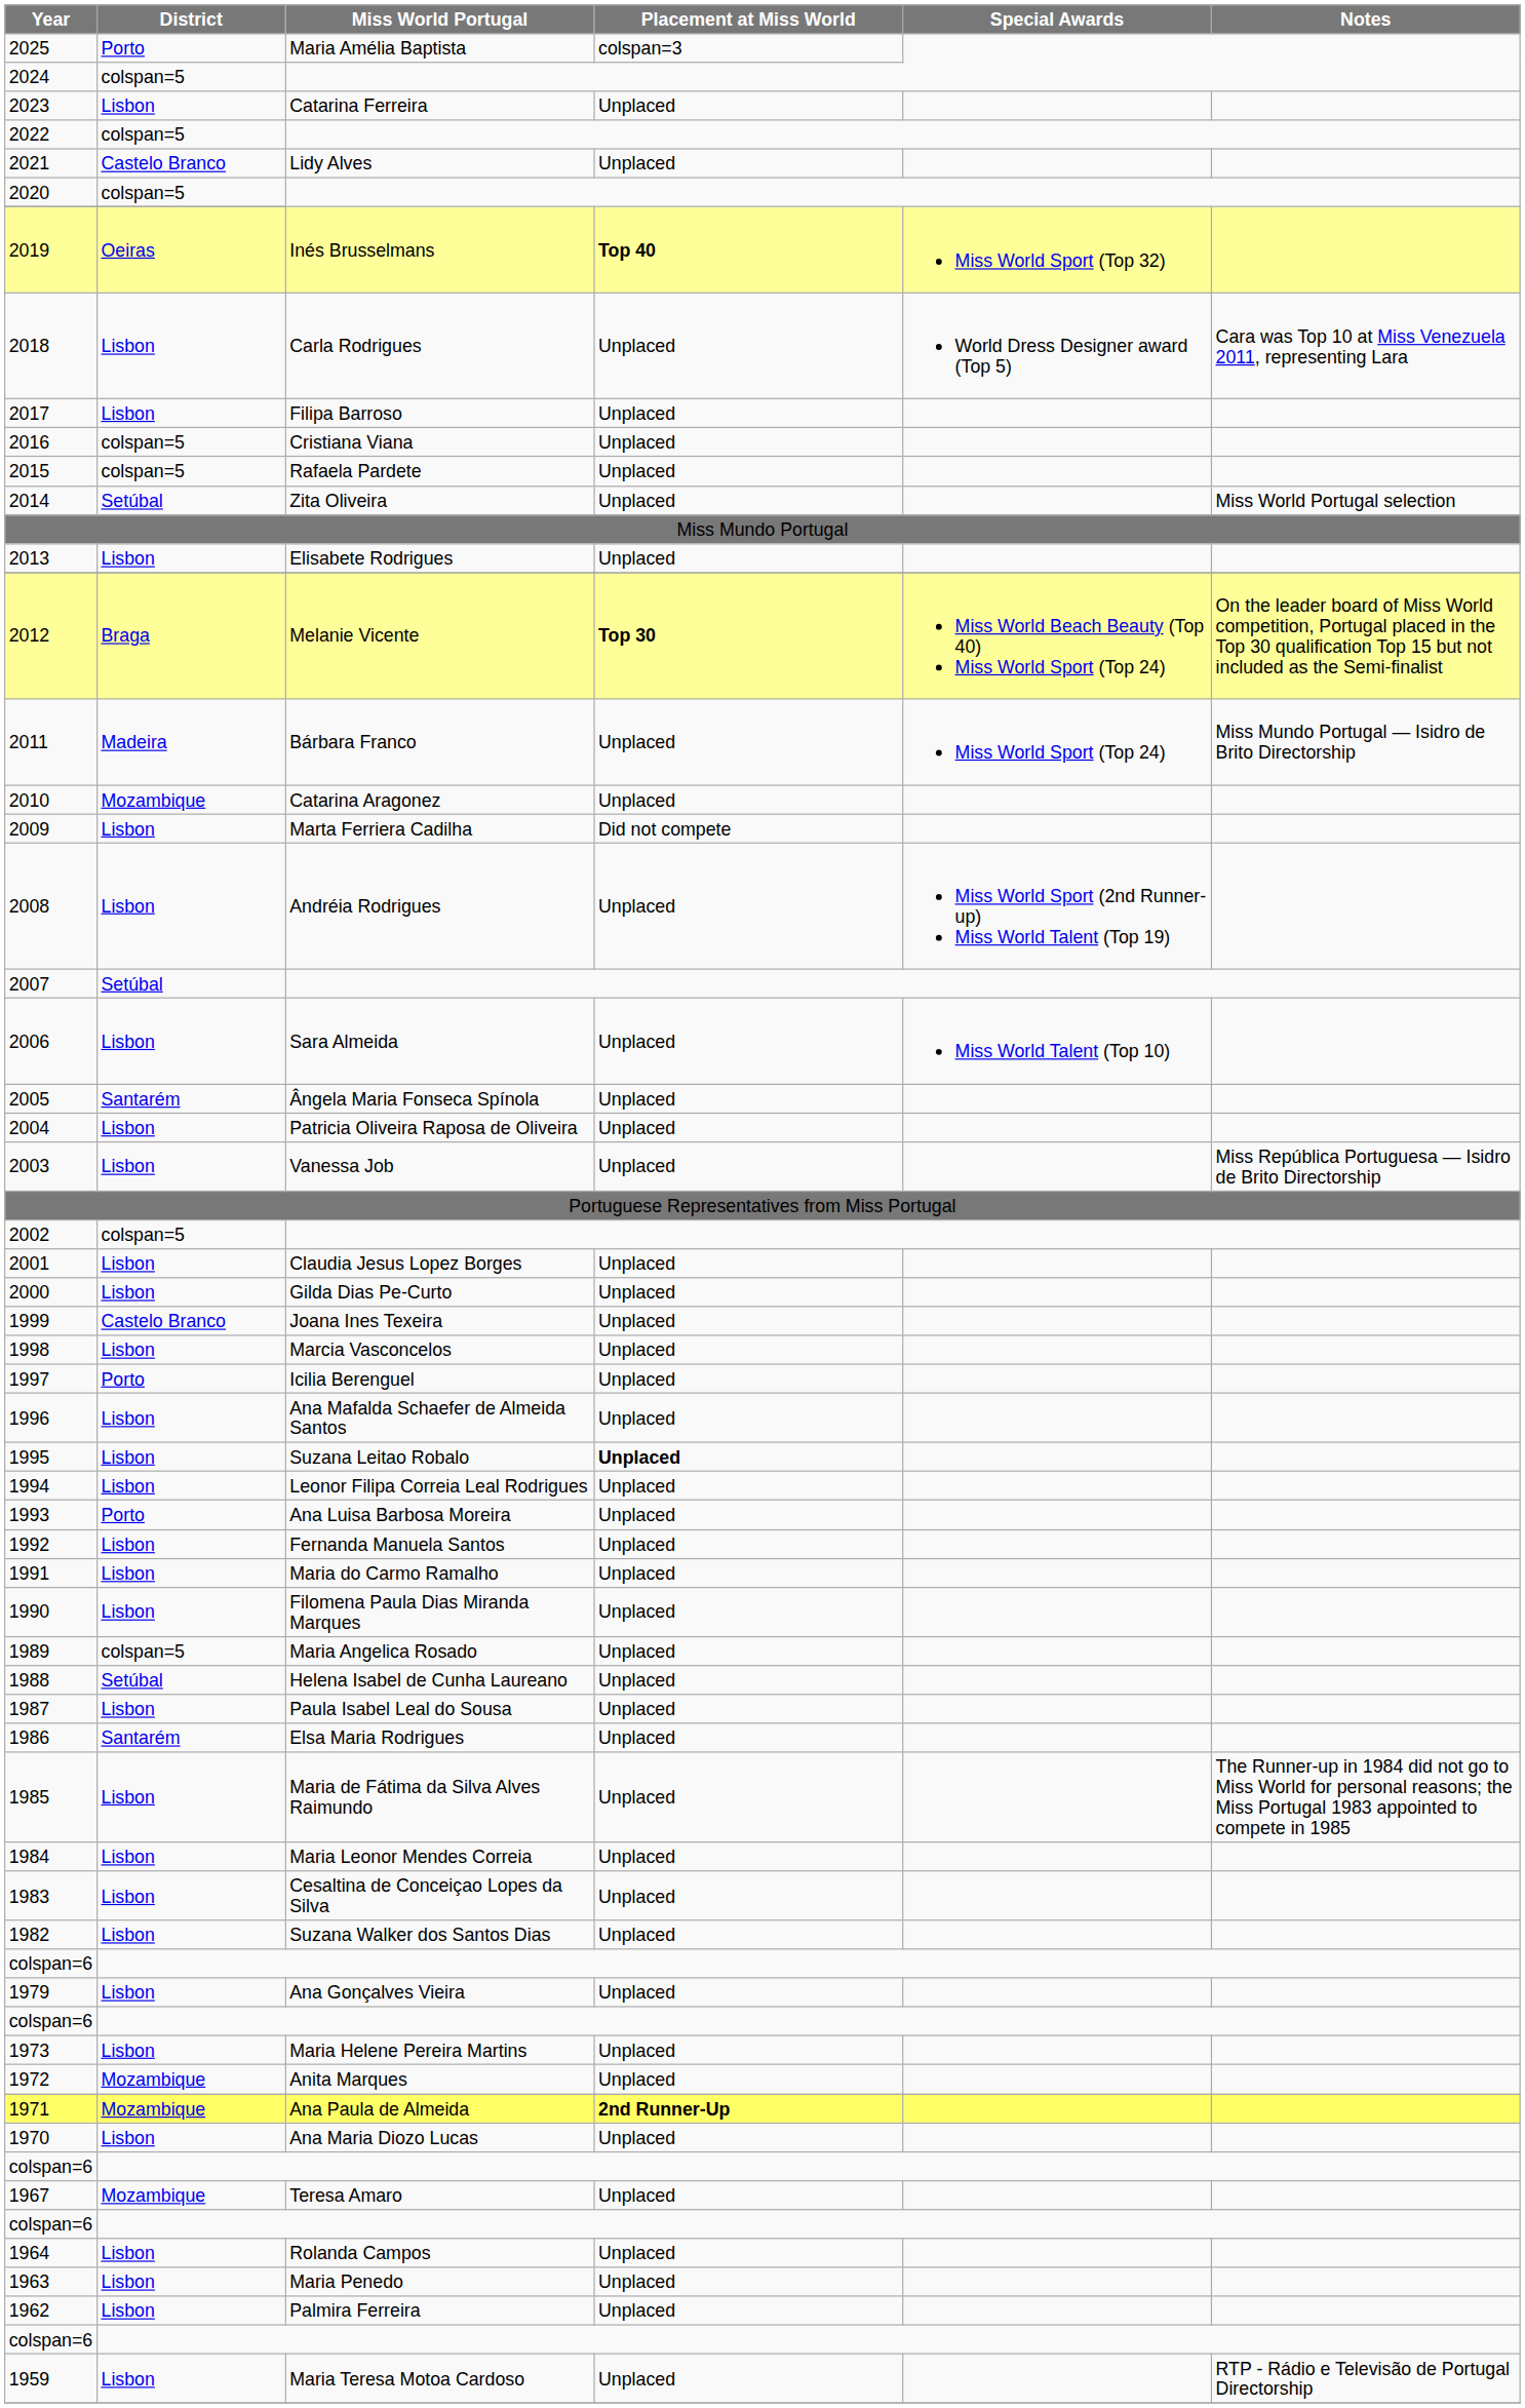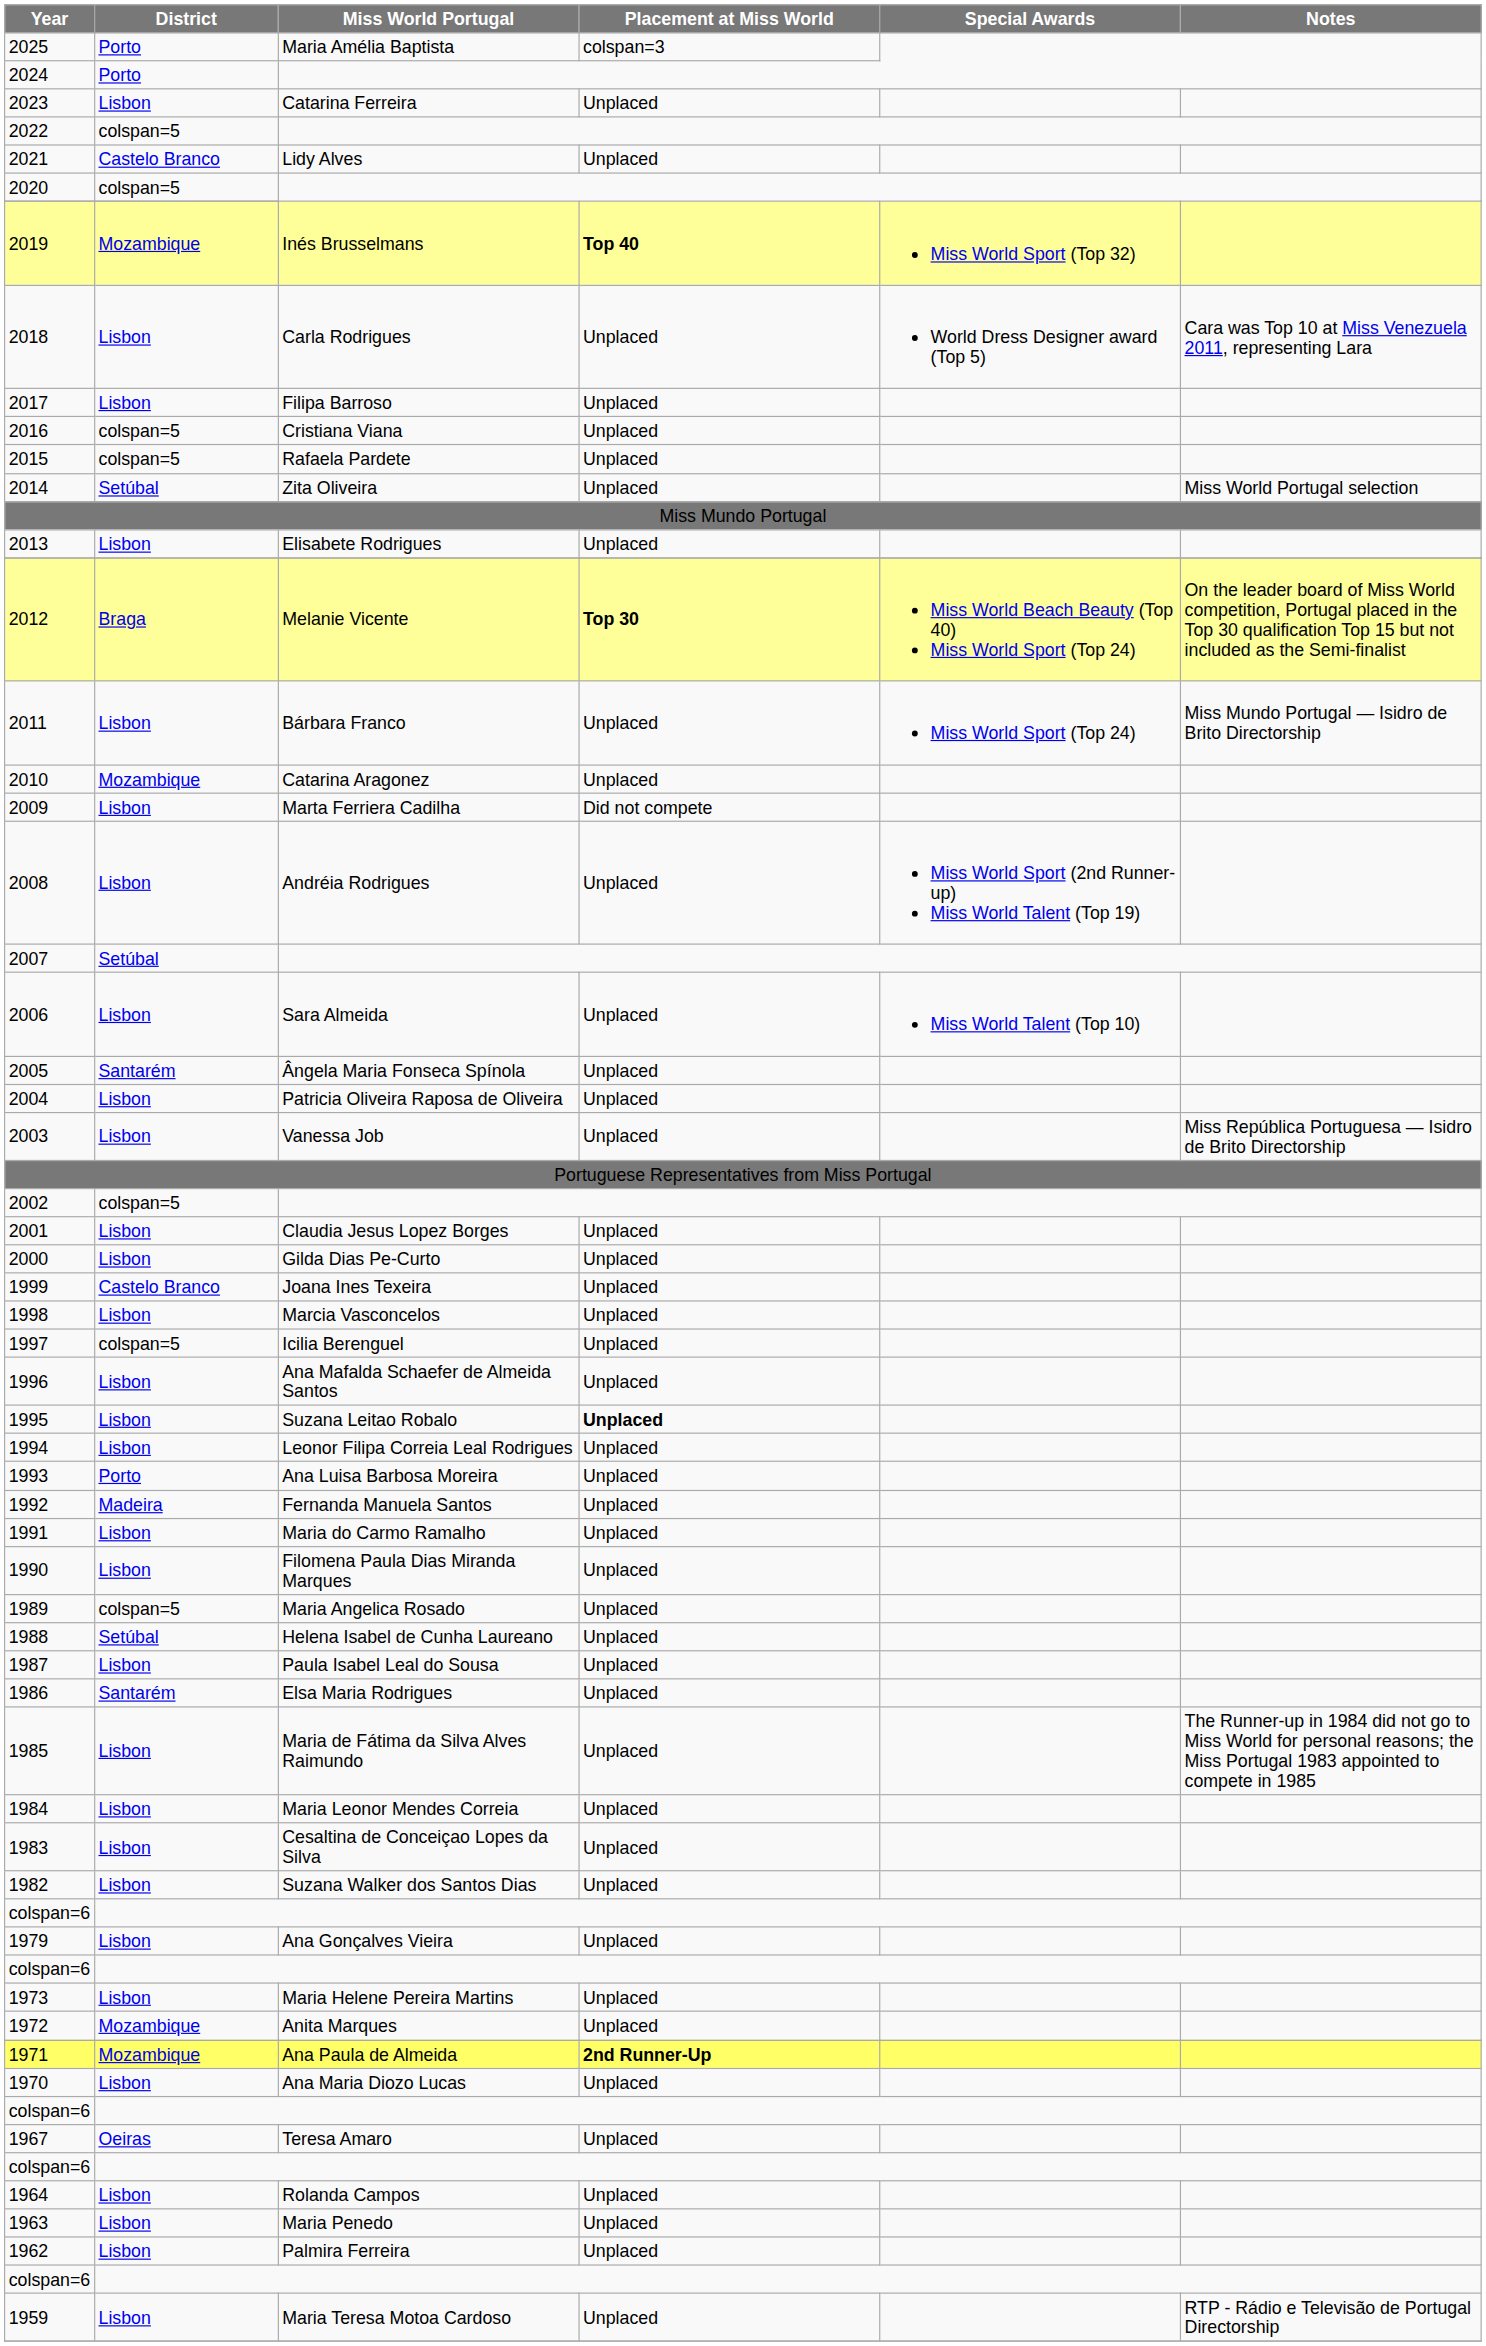 <table class="wikitable " style="font-size: 95%;">
 <tr>
 <th width="60" style="background-color:#787878;color:#FFFFFF;">Year</th>
 <th width="150" style="background-color:#787878;color:#FFFFFF;">District</th>
 <th width="250" style="background-color:#787878;color:#FFFFFF;">Miss World Portugal</th>
 <th width="250" style="background-color:#787878;color:#FFFFFF;">Placement at Miss World</th>
 <th width="250" style="background-color:#787878;color:#FFFFFF;">Special Awards</th>
 <th width="250" style="background-color:#787878;color:#FFFFFF;">Notes</th>
 </tr>
 <tr>
 <td>2025</td>
 <td><a href='#'>Porto</a></td>
 <td>Maria Amélia Baptista</td>
 <td>colspan=3 </td>
 </tr>
 <tr>
 <td>2024</td>
-<td>colspan=5 </td>
+<td><a href='#'>Porto</a></td>
 </tr>
 <tr>
 <td>2023</td>
 <td><a href='#'>Lisbon</a></td>
 <td>Catarina Ferreira</td>
 <td>Unplaced</td>
 <td></td>
 <td></td>
 </tr>
 <tr>
 <td>2022</td>
 <td>colspan=5 </td>
 </tr>
 <tr>
 <td>2021</td>
 <td><a href='#'>Castelo Branco</a></td>
 <td>Lidy Alves</td>
 <td>Unplaced</td>
 <td></td>
 <td></td>
 </tr>
 <tr>
 <td>2020</td>
 <td>colspan=5 </td>
 </tr>
 <tr>
 </tr>
 <tr style="background-color:#FFFF99;">
 <td>2019</td>
-<td><a href='#'>Oeiras</a></td>
+<td><a href='#'>Mozambique</a></td>
 <td>Inés Brusselmans</td>
 <td><strong>Top 40</strong></td>
 <td align="left"><br><ul><li><a href='#'>Miss World Sport</a> (Top 32)</li></ul></td>
 <td></td>
 </tr>
 <tr>
 <td>2018</td>
 <td><a href='#'>Lisbon</a></td>
 <td>Carla Rodrigues</td>
 <td>Unplaced</td>
 <td align="left"><br><ul><li>World Dress Designer award (Top 5)</li></ul></td>
 <td>Cara was Top 10 at <a href='#'>Miss Venezuela 2011</a>, representing Lara</td>
 </tr>
 <tr>
 <td>2017</td>
 <td><a href='#'>Lisbon</a></td>
 <td>Filipa Barroso</td>
 <td>Unplaced</td>
 <td></td>
 <td></td>
 </tr>
 <tr>
 <td>2016</td>
 <td>colspan=5 </td>
 <td>Cristiana Viana</td>
 <td>Unplaced</td>
 <td></td>
 <td></td>
 </tr>
 <tr>
 <td>2015</td>
 <td>colspan=5 </td>
 <td>Rafaela Pardete</td>
 <td>Unplaced</td>
 <td></td>
 <td></td>
 </tr>
 <tr>
 <td>2014</td>
 <td><a href='#'>Setúbal</a></td>
 <td>Zita Oliveira</td>
 <td>Unplaced</td>
 <td></td>
 <td>Miss World Portugal selection</td>
 </tr>
 <tr>
 </tr>
 <tr bgcolor="#787878" align="center">
 <td colspan="6"><span>Miss Mundo Portugal</span></td>
 </tr>
 <tr>
 <td>2013</td>
 <td><a href='#'>Lisbon</a></td>
 <td>Elisabete Rodrigues</td>
 <td>Unplaced</td>
 <td></td>
 <td></td>
 </tr>
 <tr>
 </tr>
 <tr style="background-color:#FFFF99;">
 <td>2012</td>
 <td><a href='#'>Braga</a></td>
 <td>Melanie Vicente</td>
 <td><strong>Top 30</strong></td>
 <td align="left"><br><ul><li><a href='#'>Miss World Beach Beauty</a> (Top 40)</li><li><a href='#'>Miss World Sport</a> (Top 24)</li></ul></td>
 <td>On the leader board of Miss World competition, Portugal placed in the Top 30 qualification Top 15 but not included as the Semi-finalist</td>
 </tr>
 <tr>
 <td>2011</td>
-<td><a href='#'>Madeira</a></td>
+<td><a href='#'>Lisbon</a></td>
 <td>Bárbara Franco</td>
 <td>Unplaced</td>
 <td align="left"><br><ul><li><a href='#'>Miss World Sport</a> (Top 24)</li></ul></td>
 <td>Miss Mundo Portugal — Isidro de Brito Directorship</td>
 </tr>
 <tr>
 <td>2010</td>
 <td><a href='#'>Mozambique</a></td>
 <td>Catarina Aragonez</td>
 <td>Unplaced</td>
 <td></td>
 <td></td>
 </tr>
 <tr>
 <td>2009</td>
 <td><a href='#'>Lisbon</a></td>
 <td>Marta Ferriera Cadilha</td>
 <td>Did not compete</td>
 <td></td>
 <td></td>
 </tr>
 <tr>
 <td>2008</td>
 <td><a href='#'>Lisbon</a></td>
 <td>Andréia Rodrigues</td>
 <td>Unplaced</td>
 <td align="left"><br><ul><li><a href='#'>Miss World Sport</a> (2nd Runner-up)</li><li><a href='#'>Miss World Talent</a> (Top 19)</li></ul></td>
 <td></td>
 </tr>
 <tr>
 <td>2007</td>
 <td><a href='#'>Setúbal</a></td>
 </tr>
 <tr>
 <td>2006</td>
 <td><a href='#'>Lisbon</a></td>
 <td>Sara Almeida</td>
 <td>Unplaced</td>
 <td align="left"><br><ul><li><a href='#'>Miss World Talent</a> (Top 10)</li></ul></td>
 <td></td>
 </tr>
 <tr>
 <td>2005</td>
 <td><a href='#'>Santarém</a></td>
 <td>Ângela Maria Fonseca Spínola</td>
 <td>Unplaced</td>
 <td></td>
 <td></td>
 </tr>
 <tr>
 <td>2004</td>
 <td><a href='#'>Lisbon</a></td>
 <td>Patricia Oliveira Raposa de Oliveira</td>
 <td>Unplaced</td>
 <td></td>
 <td></td>
 </tr>
 <tr>
 <td>2003</td>
 <td><a href='#'>Lisbon</a></td>
 <td>Vanessa Job</td>
 <td>Unplaced</td>
 <td></td>
 <td>Miss República Portuguesa — Isidro de Brito Directorship</td>
 </tr>
 <tr>
 </tr>
 <tr bgcolor="#787878" align="center">
 <td colspan="6"><span>Portuguese Representatives from Miss Portugal</span></td>
 </tr>
 <tr>
 <td>2002</td>
 <td>colspan=5 </td>
 </tr>
 <tr>
 <td>2001</td>
 <td><a href='#'>Lisbon</a></td>
 <td>Claudia Jesus Lopez Borges</td>
 <td>Unplaced</td>
 <td></td>
 <td></td>
 </tr>
 <tr>
 <td>2000</td>
 <td><a href='#'>Lisbon</a></td>
 <td>Gilda Dias Pe-Curto</td>
 <td>Unplaced</td>
 <td></td>
 <td></td>
 </tr>
 <tr>
 <td>1999</td>
 <td><a href='#'>Castelo Branco</a></td>
 <td>Joana Ines Texeira</td>
 <td>Unplaced</td>
 <td></td>
 <td></td>
 </tr>
 <tr>
 <td>1998</td>
 <td><a href='#'>Lisbon</a></td>
 <td>Marcia Vasconcelos</td>
 <td>Unplaced</td>
 <td></td>
 <td></td>
 </tr>
 <tr>
 <td>1997</td>
-<td><a href='#'>Porto</a></td>
+<td>colspan=5 </td>
 <td>Icilia Berenguel</td>
 <td>Unplaced</td>
 <td></td>
 <td></td>
 </tr>
 <tr>
 <td>1996</td>
 <td><a href='#'>Lisbon</a></td>
 <td>Ana Mafalda Schaefer de Almeida Santos</td>
 <td>Unplaced</td>
 <td></td>
 <td></td>
 </tr>
 <tr>
 <td>1995</td>
 <td><a href='#'>Lisbon</a></td>
 <td>Suzana Leitao Robalo</td>
 <td><strong>Unplaced</strong></td>
 <td></td>
 <td></td>
 </tr>
 <tr>
 <td>1994</td>
 <td><a href='#'>Lisbon</a></td>
 <td>Leonor Filipa Correia Leal Rodrigues</td>
 <td>Unplaced</td>
 <td></td>
 <td></td>
 </tr>
 <tr>
 <td>1993</td>
 <td><a href='#'>Porto</a></td>
 <td>Ana Luisa Barbosa Moreira</td>
 <td>Unplaced</td>
 <td></td>
 <td></td>
 </tr>
 <tr>
 <td>1992</td>
-<td><a href='#'>Lisbon</a></td>
+<td><a href='#'>Madeira</a></td>
 <td>Fernanda Manuela Santos</td>
 <td>Unplaced</td>
 <td></td>
 <td></td>
 </tr>
 <tr>
 <td>1991</td>
 <td><a href='#'>Lisbon</a></td>
 <td>Maria do Carmo Ramalho</td>
 <td>Unplaced</td>
 <td></td>
 <td></td>
 </tr>
 <tr>
 <td>1990</td>
 <td><a href='#'>Lisbon</a></td>
 <td>Filomena Paula Dias Miranda Marques</td>
 <td>Unplaced</td>
 <td></td>
 <td></td>
 </tr>
 <tr>
 <td>1989</td>
 <td>colspan=5 </td>
 <td>Maria Angelica Rosado</td>
 <td>Unplaced</td>
 <td></td>
 <td></td>
 </tr>
 <tr>
 <td>1988</td>
 <td><a href='#'>Setúbal</a></td>
 <td>Helena Isabel de Cunha Laureano</td>
 <td>Unplaced</td>
 <td></td>
 <td></td>
 </tr>
 <tr>
 <td>1987</td>
 <td><a href='#'>Lisbon</a></td>
 <td>Paula Isabel Leal do Sousa</td>
 <td>Unplaced</td>
 <td></td>
 <td></td>
 </tr>
 <tr>
 <td>1986</td>
 <td><a href='#'>Santarém</a></td>
 <td>Elsa Maria Rodrigues</td>
 <td>Unplaced</td>
 <td></td>
 <td></td>
 </tr>
 <tr>
 <td>1985</td>
 <td><a href='#'>Lisbon</a></td>
 <td>Maria de Fátima da Silva Alves Raimundo</td>
 <td>Unplaced</td>
 <td></td>
 <td>The Runner-up in 1984 did not go to Miss World for personal reasons; the Miss Portugal 1983 appointed to compete in 1985</td>
 </tr>
 <tr>
 <td>1984</td>
 <td><a href='#'>Lisbon</a></td>
 <td>Maria Leonor Mendes Correia</td>
 <td>Unplaced</td>
 <td></td>
 <td></td>
 </tr>
 <tr>
 <td>1983</td>
 <td><a href='#'>Lisbon</a></td>
 <td>Cesaltina de Conceiçao Lopes da Silva</td>
 <td>Unplaced</td>
 <td></td>
 <td></td>
 </tr>
 <tr>
 <td>1982</td>
 <td><a href='#'>Lisbon</a></td>
 <td>Suzana Walker dos Santos Dias</td>
 <td>Unplaced</td>
 <td></td>
 <td></td>
 </tr>
 <tr>
 <td>colspan=6 </td>
 </tr>
 <tr>
 <td>1979</td>
 <td><a href='#'>Lisbon</a></td>
 <td>Ana Gonçalves Vieira</td>
 <td>Unplaced</td>
 <td></td>
 <td></td>
 </tr>
 <tr>
 <td>colspan=6 </td>
 </tr>
 <tr>
 <td>1973</td>
 <td><a href='#'>Lisbon</a></td>
 <td>Maria Helene Pereira Martins</td>
 <td>Unplaced</td>
 <td></td>
 <td></td>
 </tr>
 <tr>
 <td>1972</td>
 <td><a href='#'>Mozambique</a></td>
 <td>Anita Marques</td>
 <td>Unplaced</td>
 <td></td>
 <td></td>
 </tr>
 <tr>
 </tr>
 <tr style="background-color:#FFFF66; ">
 <td>1971</td>
 <td><a href='#'>Mozambique</a></td>
 <td>Ana Paula de Almeida</td>
 <td><strong>2nd Runner-Up</strong></td>
 <td></td>
 <td></td>
 </tr>
 <tr>
 <td>1970</td>
 <td><a href='#'>Lisbon</a></td>
 <td>Ana Maria Diozo Lucas</td>
 <td>Unplaced</td>
 <td></td>
 <td></td>
 </tr>
 <tr>
 <td>colspan=6 </td>
 </tr>
 <tr>
 <td>1967</td>
-<td><a href='#'>Mozambique</a></td>
+<td><a href='#'>Oeiras</a></td>
 <td>Teresa Amaro</td>
 <td>Unplaced</td>
 <td></td>
 <td></td>
 </tr>
 <tr>
 <td>colspan=6 </td>
 </tr>
 <tr>
 <td>1964</td>
 <td><a href='#'>Lisbon</a></td>
 <td>Rolanda Campos</td>
 <td>Unplaced</td>
 <td></td>
 <td></td>
 </tr>
 <tr>
 <td>1963</td>
 <td><a href='#'>Lisbon</a></td>
 <td>Maria Penedo</td>
 <td>Unplaced</td>
 <td></td>
 <td></td>
 </tr>
 <tr>
 <td>1962</td>
 <td><a href='#'>Lisbon</a></td>
 <td>Palmira Ferreira</td>
 <td>Unplaced</td>
 <td></td>
 <td></td>
 </tr>
 <tr>
 <td>colspan=6 </td>
 </tr>
 <tr>
 <td>1959</td>
 <td><a href='#'>Lisbon</a></td>
 <td>Maria Teresa Motoa Cardoso</td>
 <td>Unplaced</td>
 <td></td>
 <td>RTP - Rádio e Televisão de Portugal Directorship</td>
 </tr>
 <tr>
 </tr>
 </table>
